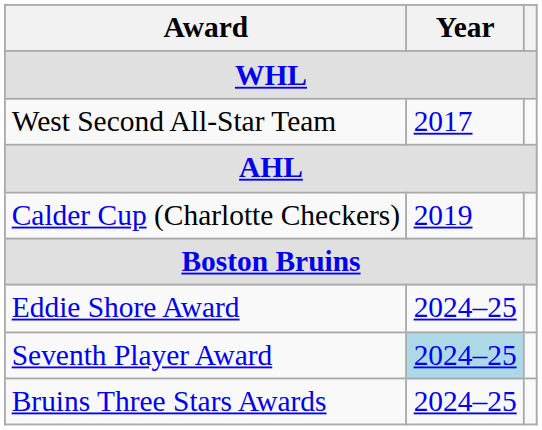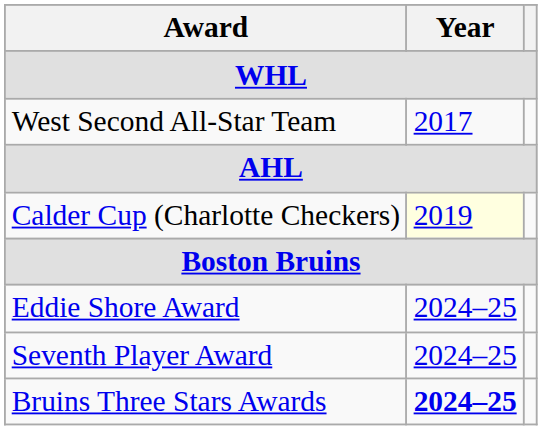 <table class="wikitable">
 <tr>
 <th>Award</th>
 <th>Year</th>
 <th></th>
 </tr>
 <tr ALIGN="center" bgcolor="#e0e0e0">
 <td colspan="3"><a href='#'><strong>WHL</strong></a></td>
 </tr>
 <tr>
 <td>West Second All-Star Team</td>
 <td><a href='#'>2017</a></td>
 <td></td>
 </tr>
 <tr ALIGN="center" bgcolor="#e0e0e0">
 <td colspan="3"><a href='#'><strong>AHL</strong></a></td>
 </tr>
 <tr>
 <td><a href='#'>Calder Cup</a> (Charlotte Checkers)</td>
-<td><a href='#'>2019</a></td>
+<td style="background: lightyellow;"><a href='#'>2019</a></td>
 <td></td>
 </tr>
 <tr ALIGN="center" bgcolor="#e0e0e0">
 <td colspan="3"><a href='#'><strong>Boston Bruins</strong></a></td>
 </tr>
 <tr>
 <td><a href='#'>Eddie Shore Award</a></td>
 <td><a href='#'>2024–25</a></td>
 <td></td>
 </tr>
 <tr>
 <td><a href='#'>Seventh Player Award</a></td>
-<td style="background: lightblue;"><a href='#'>2024–25</a></td>
+<td><a href='#'>2024–25</a></td>
 <td></td>
 </tr>
 <tr>
 <td><a href='#'>Bruins Three Stars Awards</a></td>
-<td><a href='#'>2024–25</a></td>
+<td><strong><a href='#'>2024–25</a></strong></td>
 <td></td>
 </tr>
 </table>
